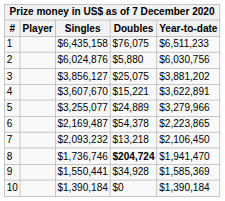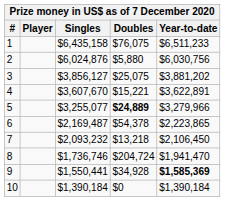 <table class="wikitable sortable">
 <tr>
 <th colspan="6">Prize money in US$ as of 7 December 2020</th>
 </tr>
 <tr>
 <th>#</th>
 <th>Player</th>
 <th>Singles</th>
 <th>Doubles</th>
 <th>Year-to-date</th>
 </tr>
 <tr>
 <td>1</td>
 <td align="left"></td>
 <td>$6,435,158</td>
 <td>$76,075</td>
 <td>$6,511,233</td>
 </tr>
 <tr>
 <td>2</td>
 <td align="left"></td>
 <td>$6,024,876</td>
 <td>$5,880</td>
 <td>$6,030,756</td>
 </tr>
 <tr>
 <td>3</td>
 <td align="left"></td>
 <td>$3,856,127</td>
 <td>$25,075</td>
 <td>$3,881,202</td>
 </tr>
 <tr>
 <td>4</td>
 <td align="left"></td>
 <td>$3,607,670</td>
 <td>$15,221</td>
 <td>$3,622,891</td>
 </tr>
 <tr>
 <td>5</td>
 <td align="left"></td>
 <td>$3,255,077</td>
-<td>$24,889</td>
+<td><strong>$24,889</strong></td>
 <td>$3,279,966</td>
 </tr>
 <tr>
 <td>6</td>
 <td align="left"></td>
 <td>$2,169,487</td>
 <td>$54,378</td>
 <td>$2,223,865</td>
 </tr>
 <tr>
 <td>7</td>
 <td align="left"></td>
 <td>$2,093,232</td>
 <td>$13,218</td>
 <td>$2,106,450</td>
 </tr>
 <tr>
 <td>8</td>
 <td align="left"></td>
 <td>$1,736,746</td>
-<td><strong>$204,724</strong></td>
+<td>$204,724</td>
 <td>$1,941,470</td>
 </tr>
 <tr>
 <td>9</td>
 <td align="left"></td>
 <td>$1,550,441</td>
 <td>$34,928</td>
-<td>$1,585,369</td>
+<td><strong>$1,585,369</strong></td>
 </tr>
 <tr>
 <td>10</td>
 <td align="left"></td>
 <td>$1,390,184</td>
 <td>$0</td>
 <td>$1,390,184</td>
 </tr>
 </table>
